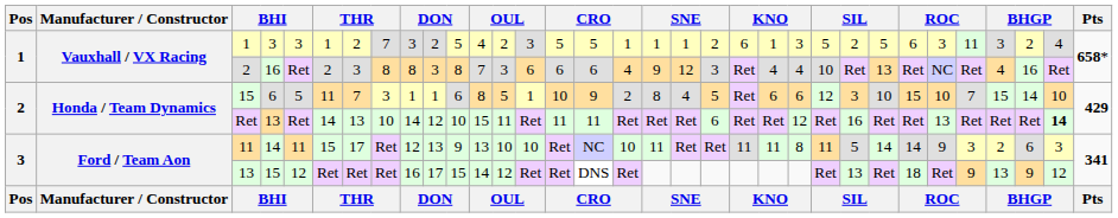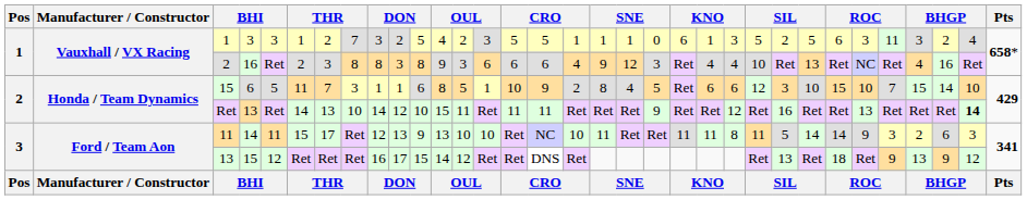 <table class="wikitable" style="font-size: 85%; text-align: center;">
 <tr valign="top">
 <th valign="middle">Pos</th>
 <th valign="middle">Manufacturer / Constructor</th>
 <th colspan="3"><a href='#'>BHI</a></th>
 <th colspan="3"><a href='#'>THR</a></th>
 <th colspan="3"><a href='#'>DON</a></th>
 <th colspan="3"><a href='#'>OUL</a></th>
 <th colspan="3"><a href='#'>CRO</a></th>
 <th colspan="3"><a href='#'>SNE</a></th>
 <th colspan="3"><a href='#'>KNO</a></th>
 <th colspan="3"><a href='#'>SIL</a></th>
 <th colspan="3"><a href='#'>ROC</a></th>
 <th colspan="3"><a href='#'>BHGP</a></th>
 <th valign=middle>Pts</th>
 </tr>
 <tr>
 <th rowspan="2">1</th>
 <th rowspan="2" align=left><a href='#'>Vauxhall</a> / <a href='#'>VX Racing</a></th>
 <td style="background:#FFFFBF;">1</td>
 <td style="background:#FFFFBF;">3</td>
 <td style="background:#FFFFBF;">3</td>
 <td style="background:#FFFFBF;">1</td>
 <td style="background:#FFFFBF;">2</td>
 <td style="background:#DFDFDF;">7</td>
 <td style="background:#DFDFDF;">3</td>
 <td style="background:#DFDFDF;">2</td>
 <td style="background:#FFFFBF;">5</td>
 <td style="background:#FFFFBF;">4</td>
 <td style="background:#FFFFBF;">2</td>
 <td style="background:#DFDFDF;">3</td>
 <td style="background:#FFFFBF;">5</td>
 <td style="background:#FFFFBF;">5</td>
 <td style="background:#FFFFBF;">1</td>
 <td style="background:#FFFFBF;">1</td>
 <td style="background:#FFFFBF;">1</td>
-<td style="background:#FFFFBF;">2</td>
+<td style="background:#FFFFBF;">0</td>
 <td style="background:#FFFFBF;">6</td>
 <td style="background:#FFFFBF;">1</td>
 <td style="background:#FFFFBF;">3</td>
 <td style="background:#FFFFBF;">5</td>
 <td style="background:#FFFFBF;">2</td>
 <td style="background:#FFFFBF;">5</td>
 <td style="background:#FFFFBF;">6</td>
 <td style="background:#FFFFBF;">3</td>
 <td style="background:#DFFFDF;">11</td>
 <td style="background:#DFDFDF;">3</td>
 <td style="background:#FFFFBF;">2</td>
 <td style="background:#DFDFDF;">4</td>
 <td align="right" rowspan="2"><strong>658</strong>*</td>
 </tr>
 <tr>
 <td style="background:#DFDFDF;">2</td>
 <td style="background:#DFFFDF;">16</td>
 <td style="background:#EFCFFF;">Ret</td>
 <td style="background:#DFDFDF;">2</td>
 <td style="background:#DFDFDF;">3</td>
 <td style="background:#FFDF9F;">8</td>
 <td style="background:#FFDF9F;">8</td>
 <td style="background:#FFDF9F;">3</td>
 <td style="background:#FFDF9F;">8</td>
-<td style="background:#DFDFDF;">7</td>
+<td style="background:#DFDFDF;">9</td>
 <td style="background:#DFDFDF;">3</td>
 <td style="background:#FFDF9F;">6</td>
 <td style="background:#DFDFDF;">6</td>
 <td style="background:#DFDFDF;">6</td>
 <td style="background:#FFDF9F;">4</td>
 <td style="background:#FFDF9F;">9</td>
 <td style="background:#FFDF9F;">12</td>
 <td style="background:#DFDFDF;">3</td>
 <td style="background:#EFCFFF;">Ret</td>
 <td style="background:#DFDFDF;">4</td>
 <td style="background:#DFDFDF;">4</td>
 <td style="background:#DFDFDF;">10</td>
 <td style="background:#EFCFFF;">Ret</td>
 <td style="background:#FFDF9F;">13</td>
 <td style="background:#EFCFFF;">Ret</td>
 <td style="background:#CFCFFF;">NC</td>
 <td style="background:#EFCFFF;">Ret</td>
 <td style="background:#FFDF9F;">4</td>
 <td style="background:#DFFFDF;">16</td>
 <td style="background:#EFCFFF;">Ret</td>
 </tr>
 <tr>
 <th rowspan="2">2</th>
 <th rowspan="2" align=left nowrap><a href='#'>Honda</a> / <a href='#'>Team Dynamics</a></th>
 <td style="background:#DFFFDF;">15</td>
 <td style="background:#DFDFDF;">6</td>
 <td style="background:#DFDFDF;">5</td>
 <td style="background:#FFDF9F;">11</td>
 <td style="background:#FFDF9F;">7</td>
 <td style="background:#FFFFBF;">3</td>
 <td style="background:#FFFFBF;">1</td>
 <td style="background:#FFFFBF;">1</td>
 <td style="background:#DFDFDF;">6</td>
 <td style="background:#FFDF9F;">8</td>
 <td style="background:#FFDF9F;">5</td>
 <td style="background:#FFFFBF;">1</td>
 <td style="background:#FFDF9F;">10</td>
 <td style="background:#FFDF9F;">9</td>
 <td style="background:#DFDFDF;">2</td>
 <td style="background:#DFDFDF;">8</td>
 <td style="background:#DFDFDF;">4</td>
 <td style="background:#FFDF9F;">5</td>
 <td style="background:#EFCFFF;">Ret</td>
 <td style="background:#FFDF9F;">6</td>
 <td style="background:#FFDF9F;">6</td>
 <td style="background:#DFFFDF;">12</td>
 <td style="background:#FFDF9F;">3</td>
 <td style="background:#DFDFDF;">10</td>
 <td style="background:#FFDF9F;">15</td>
 <td style="background:#FFDF9F;">10</td>
 <td style="background:#DFDFDF;">7</td>
 <td style="background:#DFFFDF;">15</td>
 <td style="background:#DFFFDF;">14</td>
 <td style="background:#FFDF9F;">10</td>
 <td align="right" rowspan="2"><strong>429</strong></td>
 </tr>
 <tr>
 <td style="background:#EFCFFF;">Ret</td>
 <td style="background:#FFDF9F;">13</td>
 <td style="background:#EFCFFF;">Ret</td>
 <td style="background:#DFFFDF;">14</td>
 <td style="background:#DFFFDF;">13</td>
 <td style="background:#DFFFDF;">10</td>
 <td style="background:#DFFFDF;">14</td>
 <td style="background:#DFFFDF;">12</td>
 <td style="background:#DFFFDF;">10</td>
 <td style="background:#DFFFDF;">15</td>
 <td style="background:#DFFFDF;">11</td>
 <td style="background:#EFCFFF;">Ret</td>
 <td style="background:#DFFFDF;">11</td>
 <td style="background:#DFFFDF;">11</td>
 <td style="background:#EFCFFF;">Ret</td>
 <td style="background:#EFCFFF;">Ret</td>
 <td style="background:#EFCFFF;">Ret</td>
-<td style="background:#DFFFDF;">6</td>
+<td style="background:#DFFFDF;">9</td>
 <td style="background:#EFCFFF;">Ret</td>
 <td style="background:#EFCFFF;">Ret</td>
 <td style="background:#DFFFDF;">12</td>
 <td style="background:#EFCFFF;">Ret</td>
 <td style="background:#DFFFDF;">16</td>
 <td style="background:#EFCFFF;">Ret</td>
 <td style="background:#EFCFFF;">Ret</td>
 <td style="background:#DFFFDF;">13</td>
 <td style="background:#EFCFFF;">Ret</td>
 <td style="background:#EFCFFF;">Ret</td>
 <td style="background:#EFCFFF;">Ret</td>
 <td style="background:#DFFFDF;"><strong>14</strong></td>
 </tr>
 <tr>
 <th rowspan="2">3</th>
 <th rowspan="2" align=left><a href='#'>Ford</a> / <a href='#'>Team Aon</a></th>
 <td style="background:#FFDF9F;">11</td>
 <td style="background:#DFFFDF;">14</td>
 <td style="background:#FFDF9F;">11</td>
 <td style="background:#DFFFDF;">15</td>
 <td style="background:#DFFFDF;">17</td>
 <td style="background:#EFCFFF;">Ret</td>
 <td style="background:#DFFFDF;">12</td>
 <td style="background:#DFFFDF;">13</td>
 <td style="background:#DFFFDF;">9</td>
 <td style="background:#DFFFDF;">13</td>
 <td style="background:#DFFFDF;">10</td>
 <td style="background:#DFFFDF;">10</td>
 <td style="background:#EFCFFF;">Ret</td>
 <td style="background:#CFCFFF;">NC</td>
 <td style="background:#DFFFDF;">10</td>
 <td style="background:#DFFFDF;">11</td>
 <td style="background:#EFCFFF;">Ret</td>
 <td style="background:#EFCFFF;">Ret</td>
 <td style="background:#DFDFDF;">11</td>
 <td style="background:#DFFFDF;">11</td>
 <td style="background:#DFFFDF;">8</td>
 <td style="background:#FFDF9F;">11</td>
 <td style="background:#DFDFDF;">5</td>
 <td style="background:#DFFFDF;">14</td>
 <td style="background:#DFDFDF;">14</td>
 <td style="background:#DFDFDF;">9</td>
 <td style="background:#FFFFBF;">3</td>
 <td style="background:#FFFFBF;">2</td>
 <td style="background:#DFDFDF;">6</td>
 <td style="background:#FFFFBF;">3</td>
 <td align="right" rowspan="2"><strong>341</strong></td>
 </tr>
 <tr>
 <td style="background:#DFFFDF;">13</td>
 <td style="background:#DFFFDF;">15</td>
 <td style="background:#DFFFDF;">12</td>
 <td style="background:#EFCFFF;">Ret</td>
 <td style="background:#EFCFFF;">Ret</td>
 <td style="background:#EFCFFF;">Ret</td>
 <td style="background:#DFFFDF;">16</td>
 <td style="background:#DFFFDF;">17</td>
 <td style="background:#DFFFDF;">15</td>
 <td style="background:#DFFFDF;">14</td>
 <td style="background:#DFFFDF;">12</td>
 <td style="background:#EFCFFF;">Ret</td>
 <td style="background:#EFCFFF;">Ret</td>
 <td style="background:#FFFFFF;">DNS</td>
 <td style="background:#EFCFFF;">Ret</td>
 <td></td>
 <td></td>
 <td></td>
 <td></td>
 <td></td>
 <td></td>
 <td style="background:#EFCFFF;">Ret</td>
 <td style="background:#DFFFDF;">13</td>
 <td style="background:#EFCFFF;">Ret</td>
 <td style="background:#DFFFDF;">18</td>
 <td style="background:#EFCFFF;">Ret</td>
 <td style="background:#FFDF9F;">9</td>
 <td style="background:#DFFFDF;">13</td>
 <td style="background:#FFDF9F;">9</td>
 <td style="background:#DFFFDF;">12</td>
 </tr>
 <tr valign="top">
 <th valign="middle">Pos</th>
 <th valign="middle">Manufacturer / Constructor</th>
 <th colspan="3"><a href='#'>BHI</a></th>
 <th colspan="3"><a href='#'>THR</a></th>
 <th colspan="3"><a href='#'>DON</a></th>
 <th colspan="3"><a href='#'>OUL</a></th>
 <th colspan="3"><a href='#'>CRO</a></th>
 <th colspan="3"><a href='#'>SNE</a></th>
 <th colspan="3"><a href='#'>KNO</a></th>
 <th colspan="3"><a href='#'>SIL</a></th>
 <th colspan="3"><a href='#'>ROC</a></th>
 <th colspan="3"><a href='#'>BHGP</a></th>
 <th valign=middle>Pts</th>
 </tr>
 </table>
